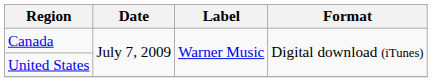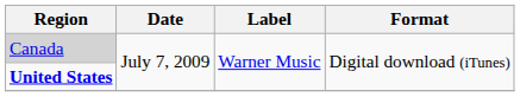 <table class=wikitable>
 <tr>
 <th>Region</th>
 <th>Date</th>
 <th>Label</th>
 <th>Format</th>
 </tr>
 <tr>
-<td rowspan="1"><a href='#'>Canada</a></td>
+<td rowspan="1" style="background: lightgrey;"><a href='#'>Canada</a></td>
 <td rowspan="2">July 7, 2009</td>
 <td rowspan="2"><a href='#'>Warner Music</a></td>
 <td rowspan="2">Digital download <small>(iTunes)</small></td>
 </tr>
 <tr>
-<td rowspan="1"><a href='#'>United States</a></td>
+<td rowspan="1"><strong><a href='#'>United States</a></strong></td>
 </tr>
 <tr>
 </tr>
 </table>
